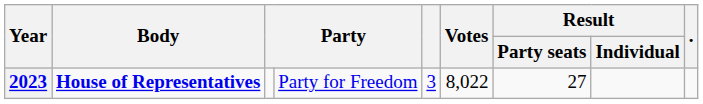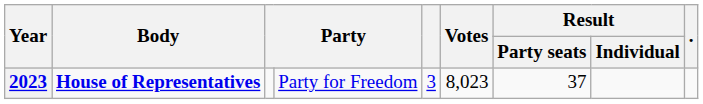 <table class="wikitable plainrowheaders sortable" border=2 cellpadding=4 cellspacing=0 style="border: 1px #aaa solid; font-size: 90%; text-align:center;">
 <tr>
 <th scope="col" rowspan=2>Year</th>
 <th scope="col" rowspan=2>Body</th>
 <th scope="col" colspan=2 rowspan=2>Party</th>
 <th scope="col" rowspan=2></th>
 <th scope="col" rowspan=2>Votes</th>
 <th scope="colgroup" colspan=2>Result</th>
 <th scope="col" rowspan=2 class="unsortable">.</th>
 </tr>
 <tr>
 <th scope="col">Party seats</th>
 <th scope="col">Individual</th>
 </tr>
 <tr>
 <th scope="row"><a href='#'>2023</a></th>
 <td><strong><a href='#'>House of Representatives</a></strong></td>
 <td style="background-color:"></td>
 <td><a href='#'>Party for Freedom</a></td>
 <td style=text-align:right><a href='#'>3</a></td>
-<td style=text-align:right>8,022</td>
-<td style=text-align:right>27</td>
+<td style=text-align:right>8,023</td>
+<td style=text-align:right>37</td>
 <td></td>
 <td></td>
 </tr>
 </table>
